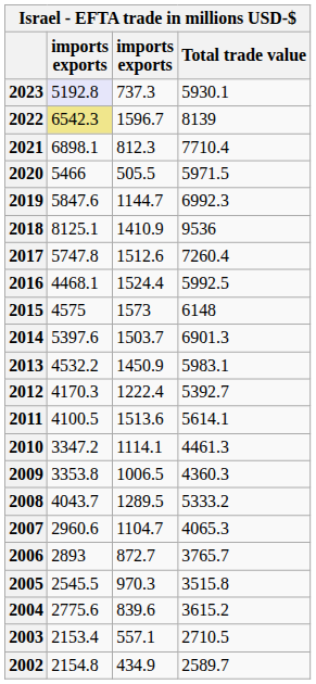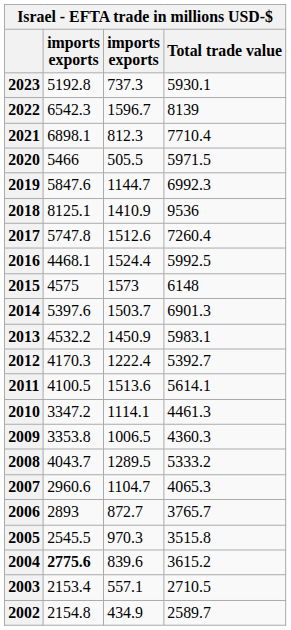 <table class="wikitable mw-collapsible mw-collapsed">
 <tr>
 <th colspan="4">Israel - EFTA trade in millions USD-$ </th>
 </tr>
 <tr>
 <th></th>
 <th> imports<br> exports</th>
 <th> imports<br> exports</th>
 <th>Total trade value</th>
 </tr>
 <tr>
 <th>2023</th>
-<td style="background: lavender;">5192.8</td>
+<td>5192.8</td>
 <td>737.3</td>
 <td>5930.1</td>
 </tr>
 <tr>
 <th>2022</th>
-<td style="background: khaki;">6542.3</td>
+<td>6542.3</td>
 <td>1596.7</td>
 <td>8139</td>
 </tr>
 <tr>
 <th>2021</th>
 <td>6898.1</td>
 <td>812.3</td>
 <td>7710.4</td>
 </tr>
 <tr>
 <th>2020</th>
 <td>5466</td>
 <td>505.5</td>
 <td>5971.5</td>
 </tr>
 <tr>
 <th>2019</th>
 <td>5847.6</td>
 <td>1144.7</td>
 <td>6992.3</td>
 </tr>
 <tr>
 <th>2018</th>
 <td>8125.1</td>
 <td>1410.9</td>
 <td>9536</td>
 </tr>
 <tr>
 <th>2017</th>
 <td>5747.8</td>
 <td>1512.6</td>
 <td>7260.4</td>
 </tr>
 <tr>
 <th>2016</th>
 <td>4468.1</td>
 <td>1524.4</td>
 <td>5992.5</td>
 </tr>
 <tr>
 <th>2015</th>
 <td>4575</td>
 <td>1573</td>
 <td>6148</td>
 </tr>
 <tr>
 <th>2014</th>
 <td>5397.6</td>
 <td>1503.7</td>
 <td>6901.3</td>
 </tr>
 <tr>
 <th>2013</th>
 <td>4532.2</td>
 <td>1450.9</td>
 <td>5983.1</td>
 </tr>
 <tr>
 <th>2012</th>
 <td>4170.3</td>
 <td>1222.4</td>
 <td>5392.7</td>
 </tr>
 <tr>
 <th>2011</th>
 <td>4100.5</td>
 <td>1513.6</td>
 <td>5614.1</td>
 </tr>
 <tr>
 <th>2010</th>
 <td>3347.2</td>
 <td>1114.1</td>
 <td>4461.3</td>
 </tr>
 <tr>
 <th>2009</th>
 <td>3353.8</td>
 <td>1006.5</td>
 <td>4360.3</td>
 </tr>
 <tr>
 <th>2008</th>
 <td>4043.7</td>
 <td>1289.5</td>
 <td>5333.2</td>
 </tr>
 <tr>
 <th>2007</th>
 <td>2960.6</td>
 <td>1104.7</td>
 <td>4065.3</td>
 </tr>
 <tr>
 <th>2006</th>
 <td>2893</td>
 <td>872.7</td>
 <td>3765.7</td>
 </tr>
 <tr>
 <th>2005</th>
 <td>2545.5</td>
 <td>970.3</td>
 <td>3515.8</td>
 </tr>
 <tr>
 <th>2004</th>
-<td>2775.6</td>
+<td><strong>2775.6</strong></td>
 <td>839.6</td>
 <td>3615.2</td>
 </tr>
 <tr>
 <th>2003</th>
 <td>2153.4</td>
 <td>557.1</td>
 <td>2710.5</td>
 </tr>
 <tr>
 <th>2002</th>
 <td>2154.8</td>
 <td>434.9</td>
 <td>2589.7</td>
 </tr>
 </table>
